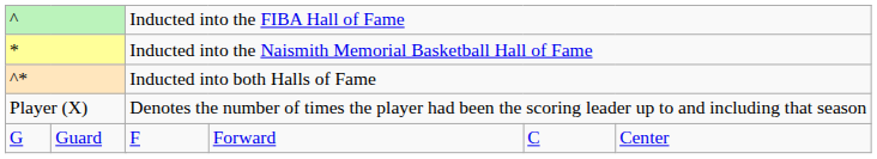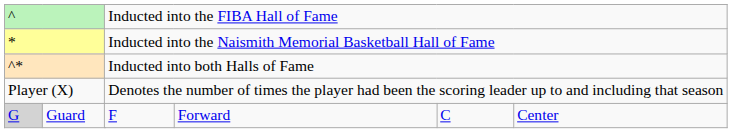 <table class="wikitable">
 <tr>
 <td style="background-color:#BBF3BB; width:6em" colspan=2>^</td>
 <td colspan=5>Inducted into the <a href='#'>FIBA Hall of Fame</a></td>
 </tr>
 <tr>
 <td style="background-color:#FFFF99; width:6em" colspan=2>*</td>
 <td colspan=5>Inducted into the <a href='#'>Naismith Memorial Basketball Hall of Fame</a></td>
 </tr>
 <tr>
 <td style="background-color:#FFE6BD; border:1px solid #aaaaaa; width:6em" colspan=2>^*</td>
 <td colspan=5>Inducted into both Halls of Fame</td>
 </tr>
 <tr>
 <td colspan=2>Player (X)</td>
 <td colspan=5>Denotes the number of times the player had been the scoring leader up to and including that season</td>
 </tr>
 <tr>
-<td style="width:2em"><a href='#'>G</a></td>
+<td style="background: lightgrey; width:2em"><a href='#'>G</a></td>
 <td colspan=2><a href='#'>Guard</a></td>
 <td><a href='#'>F</a></td>
 <td><a href='#'>Forward</a></td>
 <td><a href='#'>C</a></td>
 <td><a href='#'>Center</a></td>
 </tr>
 </table>
